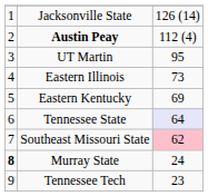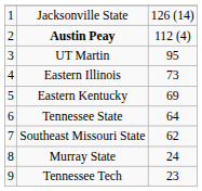 <table class="wikitable" style="display: inline-table;">
 <tr align="center">
 </tr>
 <tr align="center">
 <td>1</td>
 <td>Jacksonville State</td>
 <td>126 (14)</td>
 </tr>
 <tr align="center">
 <td>2</td>
 <td><strong>Austin Peay</strong></td>
 <td>112 (4)</td>
 </tr>
 <tr align="center">
 <td>3</td>
 <td>UT Martin</td>
 <td>95</td>
 </tr>
 <tr align="center">
 <td>4</td>
 <td>Eastern Illinois</td>
 <td>73</td>
 </tr>
 <tr align="center">
 <td>5</td>
 <td>Eastern Kentucky</td>
 <td>69</td>
 </tr>
 <tr align="center">
 <td>6</td>
 <td>Tennessee State</td>
-<td style="background: lavender;">64</td>
+<td>64</td>
 </tr>
 <tr align="center">
 <td>7</td>
 <td>Southeast Missouri State</td>
-<td style="background: pink;">62</td>
+<td>62</td>
 </tr>
 <tr align="center">
-<td><strong>8</strong></td>
+<td>8</td>
 <td>Murray State</td>
 <td>24</td>
 </tr>
 <tr align="center">
 <td>9</td>
 <td>Tennessee Tech</td>
 <td>23</td>
 </tr>
 </table>
